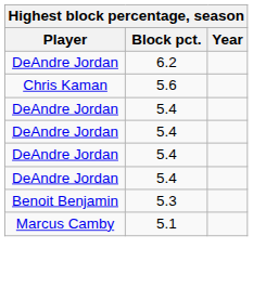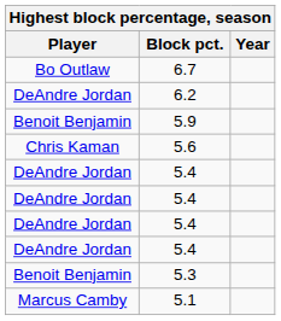 <table class="wikitable sortable" style="text-align:center">
 <tr>
 <th colspan="3">Highest block percentage, season</th>
 </tr>
 <tr>
 <th>Player</th>
 <th>Block pct.</th>
 <th>Year</th>
 </tr>
 <tr>
+<td><a href='#'>Bo Outlaw</a></td>
+<td>6.7</td>
+<td></td>
+</tr>
+<tr>
 <td><a href='#'>DeAndre Jordan</a></td>
 <td>6.2</td>
+<td></td>
+</tr>
+<tr>
+<td><a href='#'>Benoit Benjamin</a></td>
+<td>5.9</td>
 <td></td>
 </tr>
 <tr>
 <td><a href='#'>Chris Kaman</a></td>
 <td>5.6</td>
 <td></td>
 </tr>
 <tr>
 <td><a href='#'>DeAndre Jordan</a></td>
 <td>5.4</td>
 <td></td>
 </tr>
 <tr>
 <td><a href='#'>DeAndre Jordan</a></td>
 <td>5.4</td>
 <td></td>
 </tr>
 <tr>
 <td><a href='#'>DeAndre Jordan</a></td>
 <td>5.4</td>
 <td></td>
 </tr>
 <tr>
 <td><a href='#'>DeAndre Jordan</a></td>
 <td>5.4</td>
 <td></td>
 </tr>
 <tr>
 <td><a href='#'>Benoit Benjamin</a></td>
 <td>5.3</td>
 <td></td>
 </tr>
 <tr>
 <td><a href='#'>Marcus Camby</a></td>
 <td>5.1</td>
 <td></td>
 </tr>
 </table>
